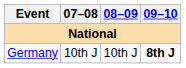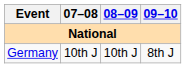 <table class="wikitable" style="text-align:center">
 <tr>
 <th>Event</th>
 <th>07–08</th>
 <th><a href='#'>08–09</a></th>
 <th><a href='#'>09–10</a></th>
 </tr>
 <tr>
 <th colspan="4" style="background-color: #ffdead; " align="center">National</th>
 </tr>
 <tr>
 <td align="left"><a href='#'>Germany</a></td>
 <td>10th J</td>
 <td>10th J</td>
-<td><strong>8th J</strong></td>
+<td>8th J</td>
 </tr>
 </table>
